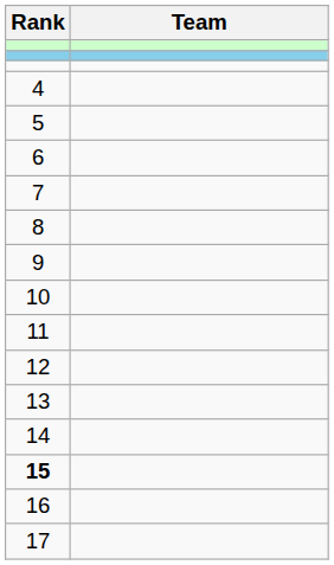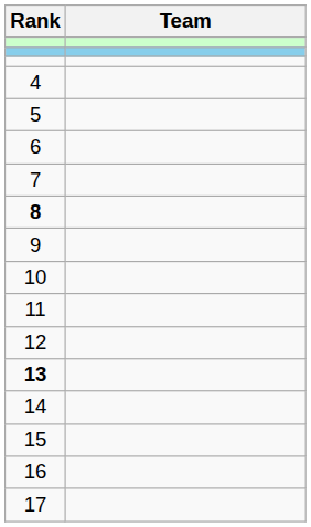 <table class="wikitable" style="text-align: center;">
 <tr>
 <th width=40>Rank</th>
 <th width=180>Team</th>
 </tr>
 <tr bgcolor=#CCFFCC>
 <td></td>
 <td align="left"></td>
 </tr>
 <tr bgcolor=#87ceeb>
 <td></td>
 <td align="left"></td>
 </tr>
 <tr>
 <td></td>
 <td align="left"></td>
 </tr>
 <tr>
 <td>4</td>
 <td align="left"></td>
 </tr>
 <tr>
 <td>5</td>
 <td align="left"></td>
 </tr>
 <tr>
 <td>6</td>
 <td align="left"></td>
 </tr>
 <tr>
 <td>7</td>
 <td align="left"></td>
 </tr>
 <tr>
-<td>8</td>
+<td><strong>8</strong></td>
 <td align="left"></td>
 </tr>
 <tr>
 <td>9</td>
 <td align="left"></td>
 </tr>
 <tr>
 <td>10</td>
 <td align="left"></td>
 </tr>
 <tr>
 <td>11</td>
 <td align="left"></td>
 </tr>
 <tr>
 <td>12</td>
 <td align="left"></td>
 </tr>
 <tr>
-<td>13</td>
+<td><strong>13</strong></td>
 <td align="left"></td>
 </tr>
 <tr>
 <td>14</td>
 <td align="left"></td>
 </tr>
 <tr>
-<td><strong>15</strong></td>
+<td>15</td>
 <td align="left"></td>
 </tr>
 <tr>
 <td>16</td>
 <td align="left"></td>
 </tr>
 <tr>
 <td>17</td>
 <td align="left"></td>
 </tr>
 </table>
